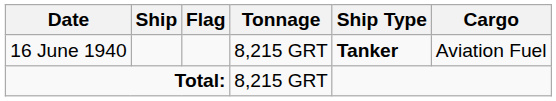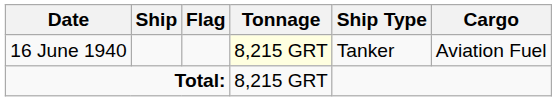 <table class="wikitable" style="margin:1em auto;">
 <tr>
 <th>Date</th>
 <th>Ship</th>
 <th>Flag</th>
 <th>Tonnage</th>
 <th>Ship Type</th>
 <th>Cargo</th>
 </tr>
 <tr>
 <td>16 June 1940</td>
 <td></td>
 <td></td>
-<td>8,215 GRT</td>
-<td><strong>Tanker</strong></td>
+<td style="background: lightyellow;">8,215 GRT</td>
+<td>Tanker</td>
 <td>Aviation Fuel</td>
 </tr>
 <tr>
 <td colspan=3 align=right><strong>Total:</strong></td>
 <td>8,215 GRT</td>
 <td colspan=2></td>
 </tr>
 </table>
